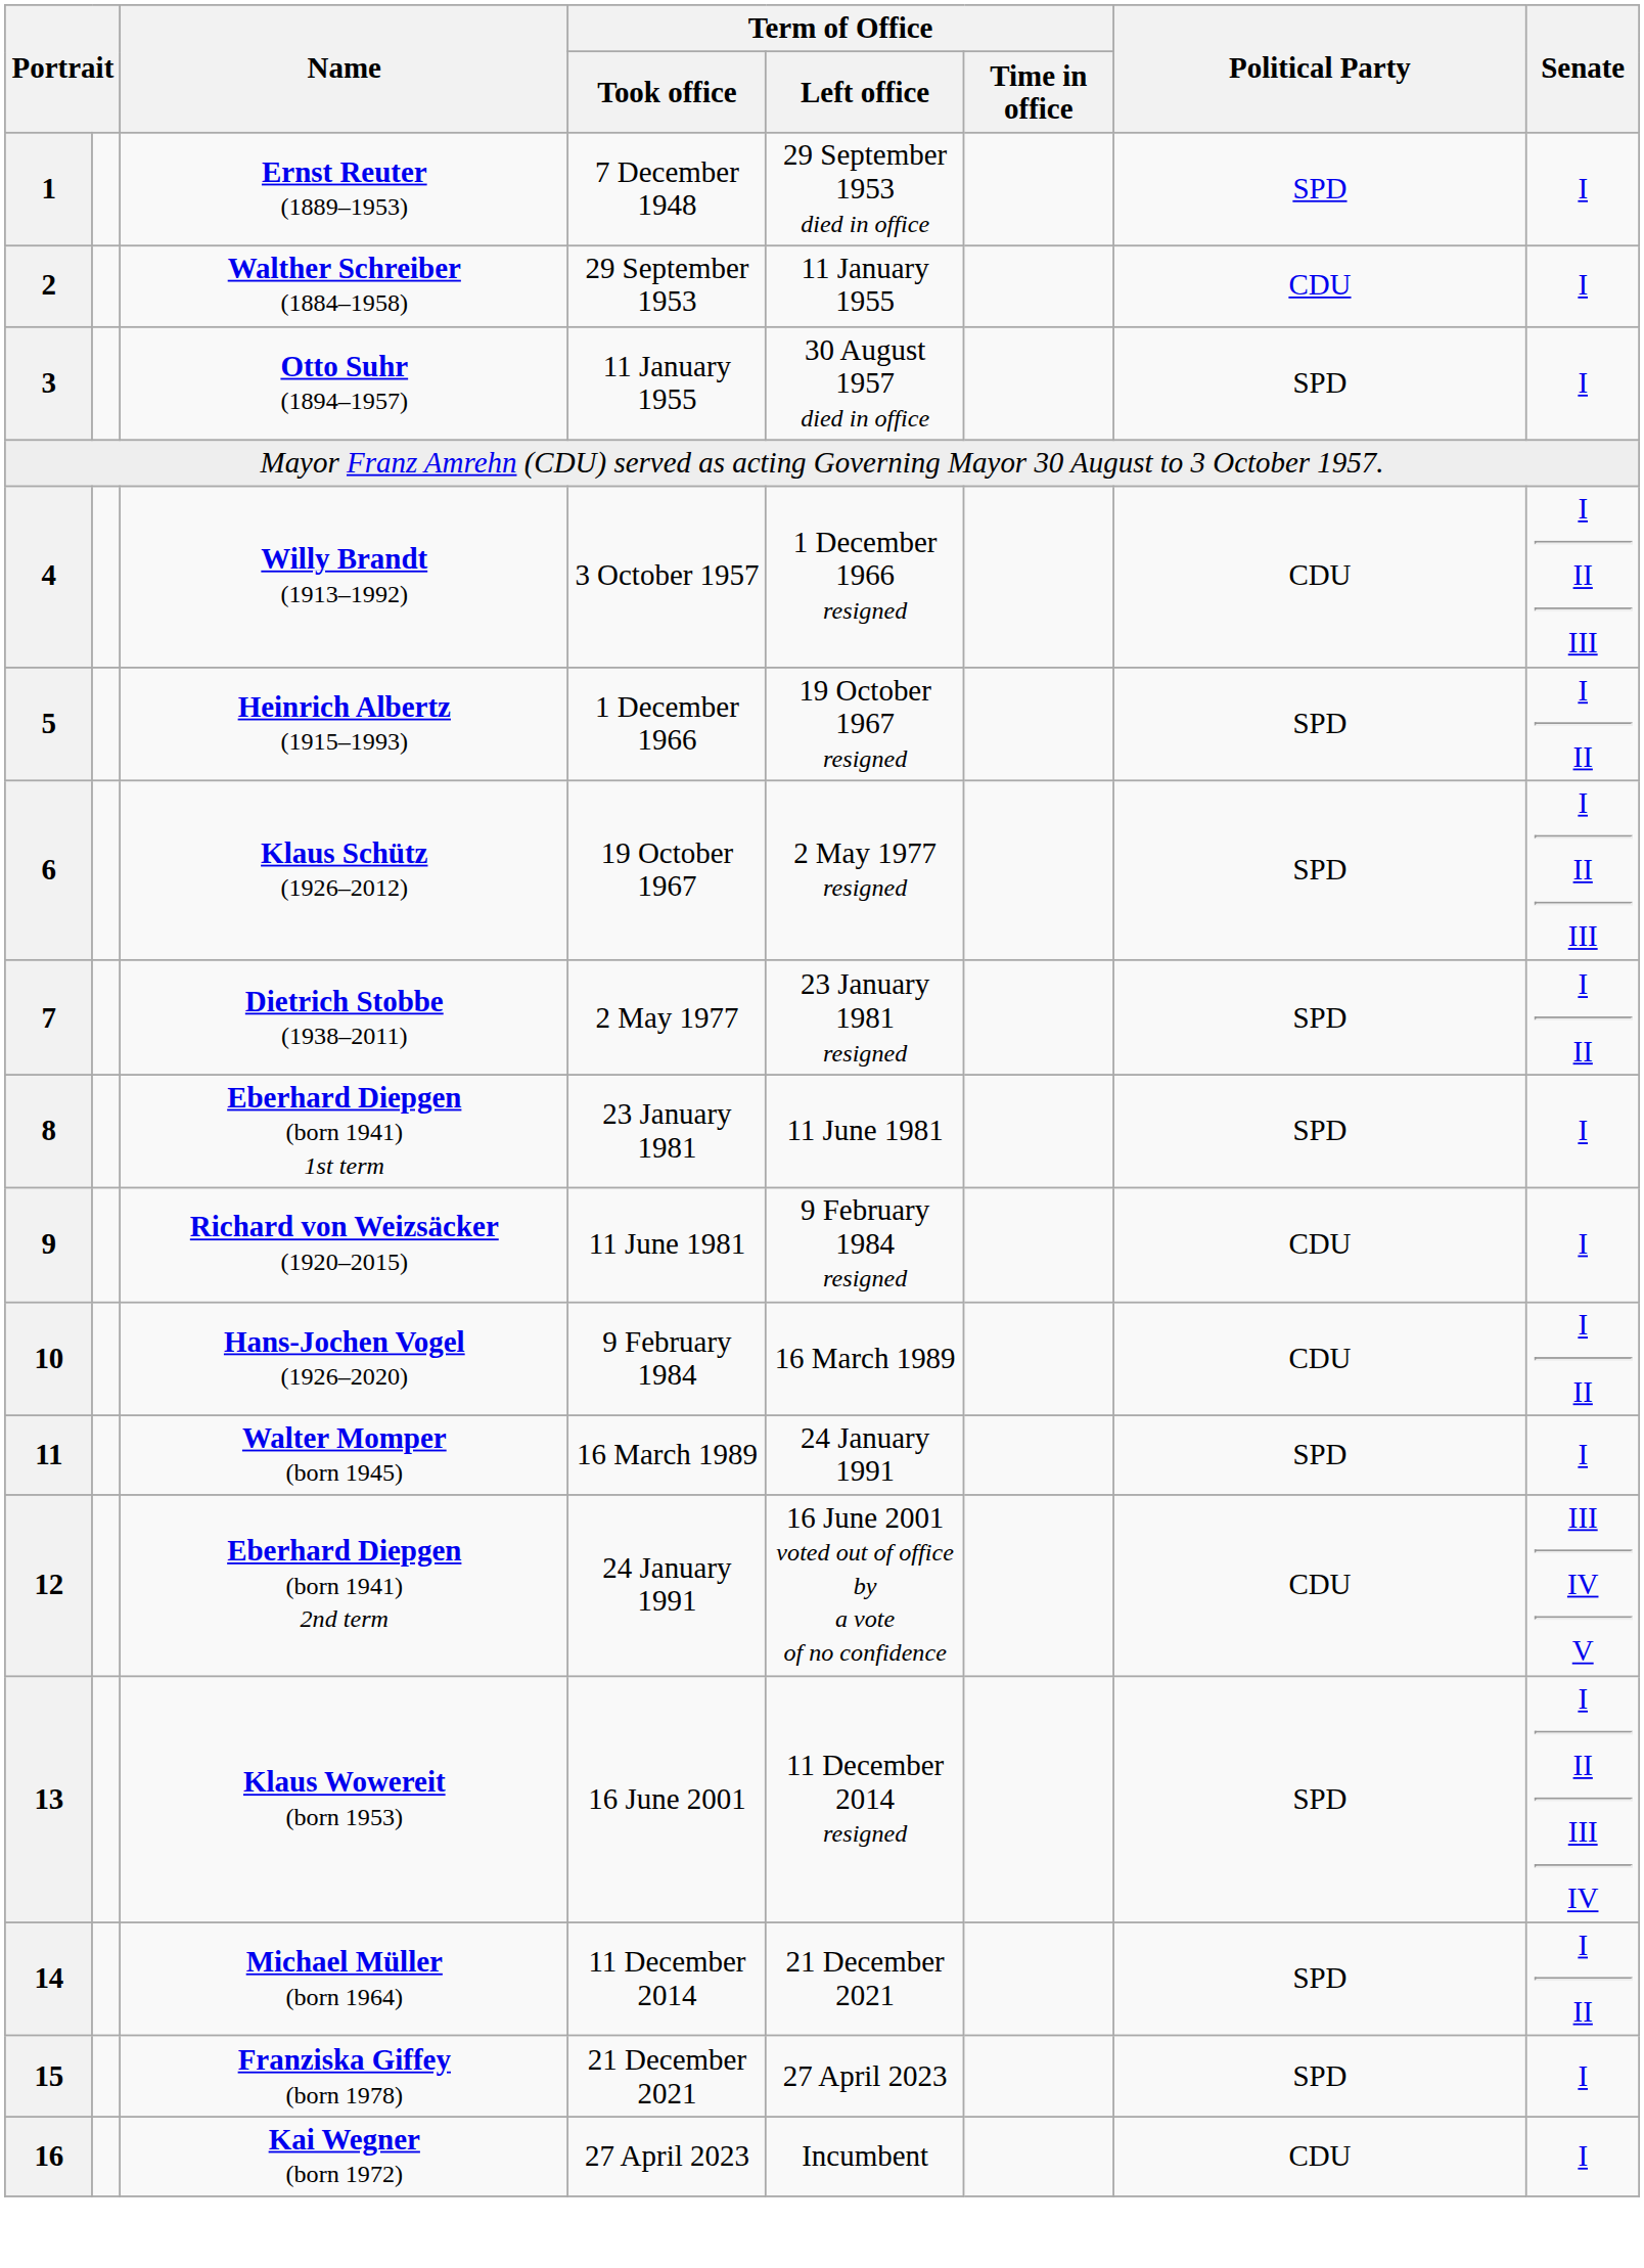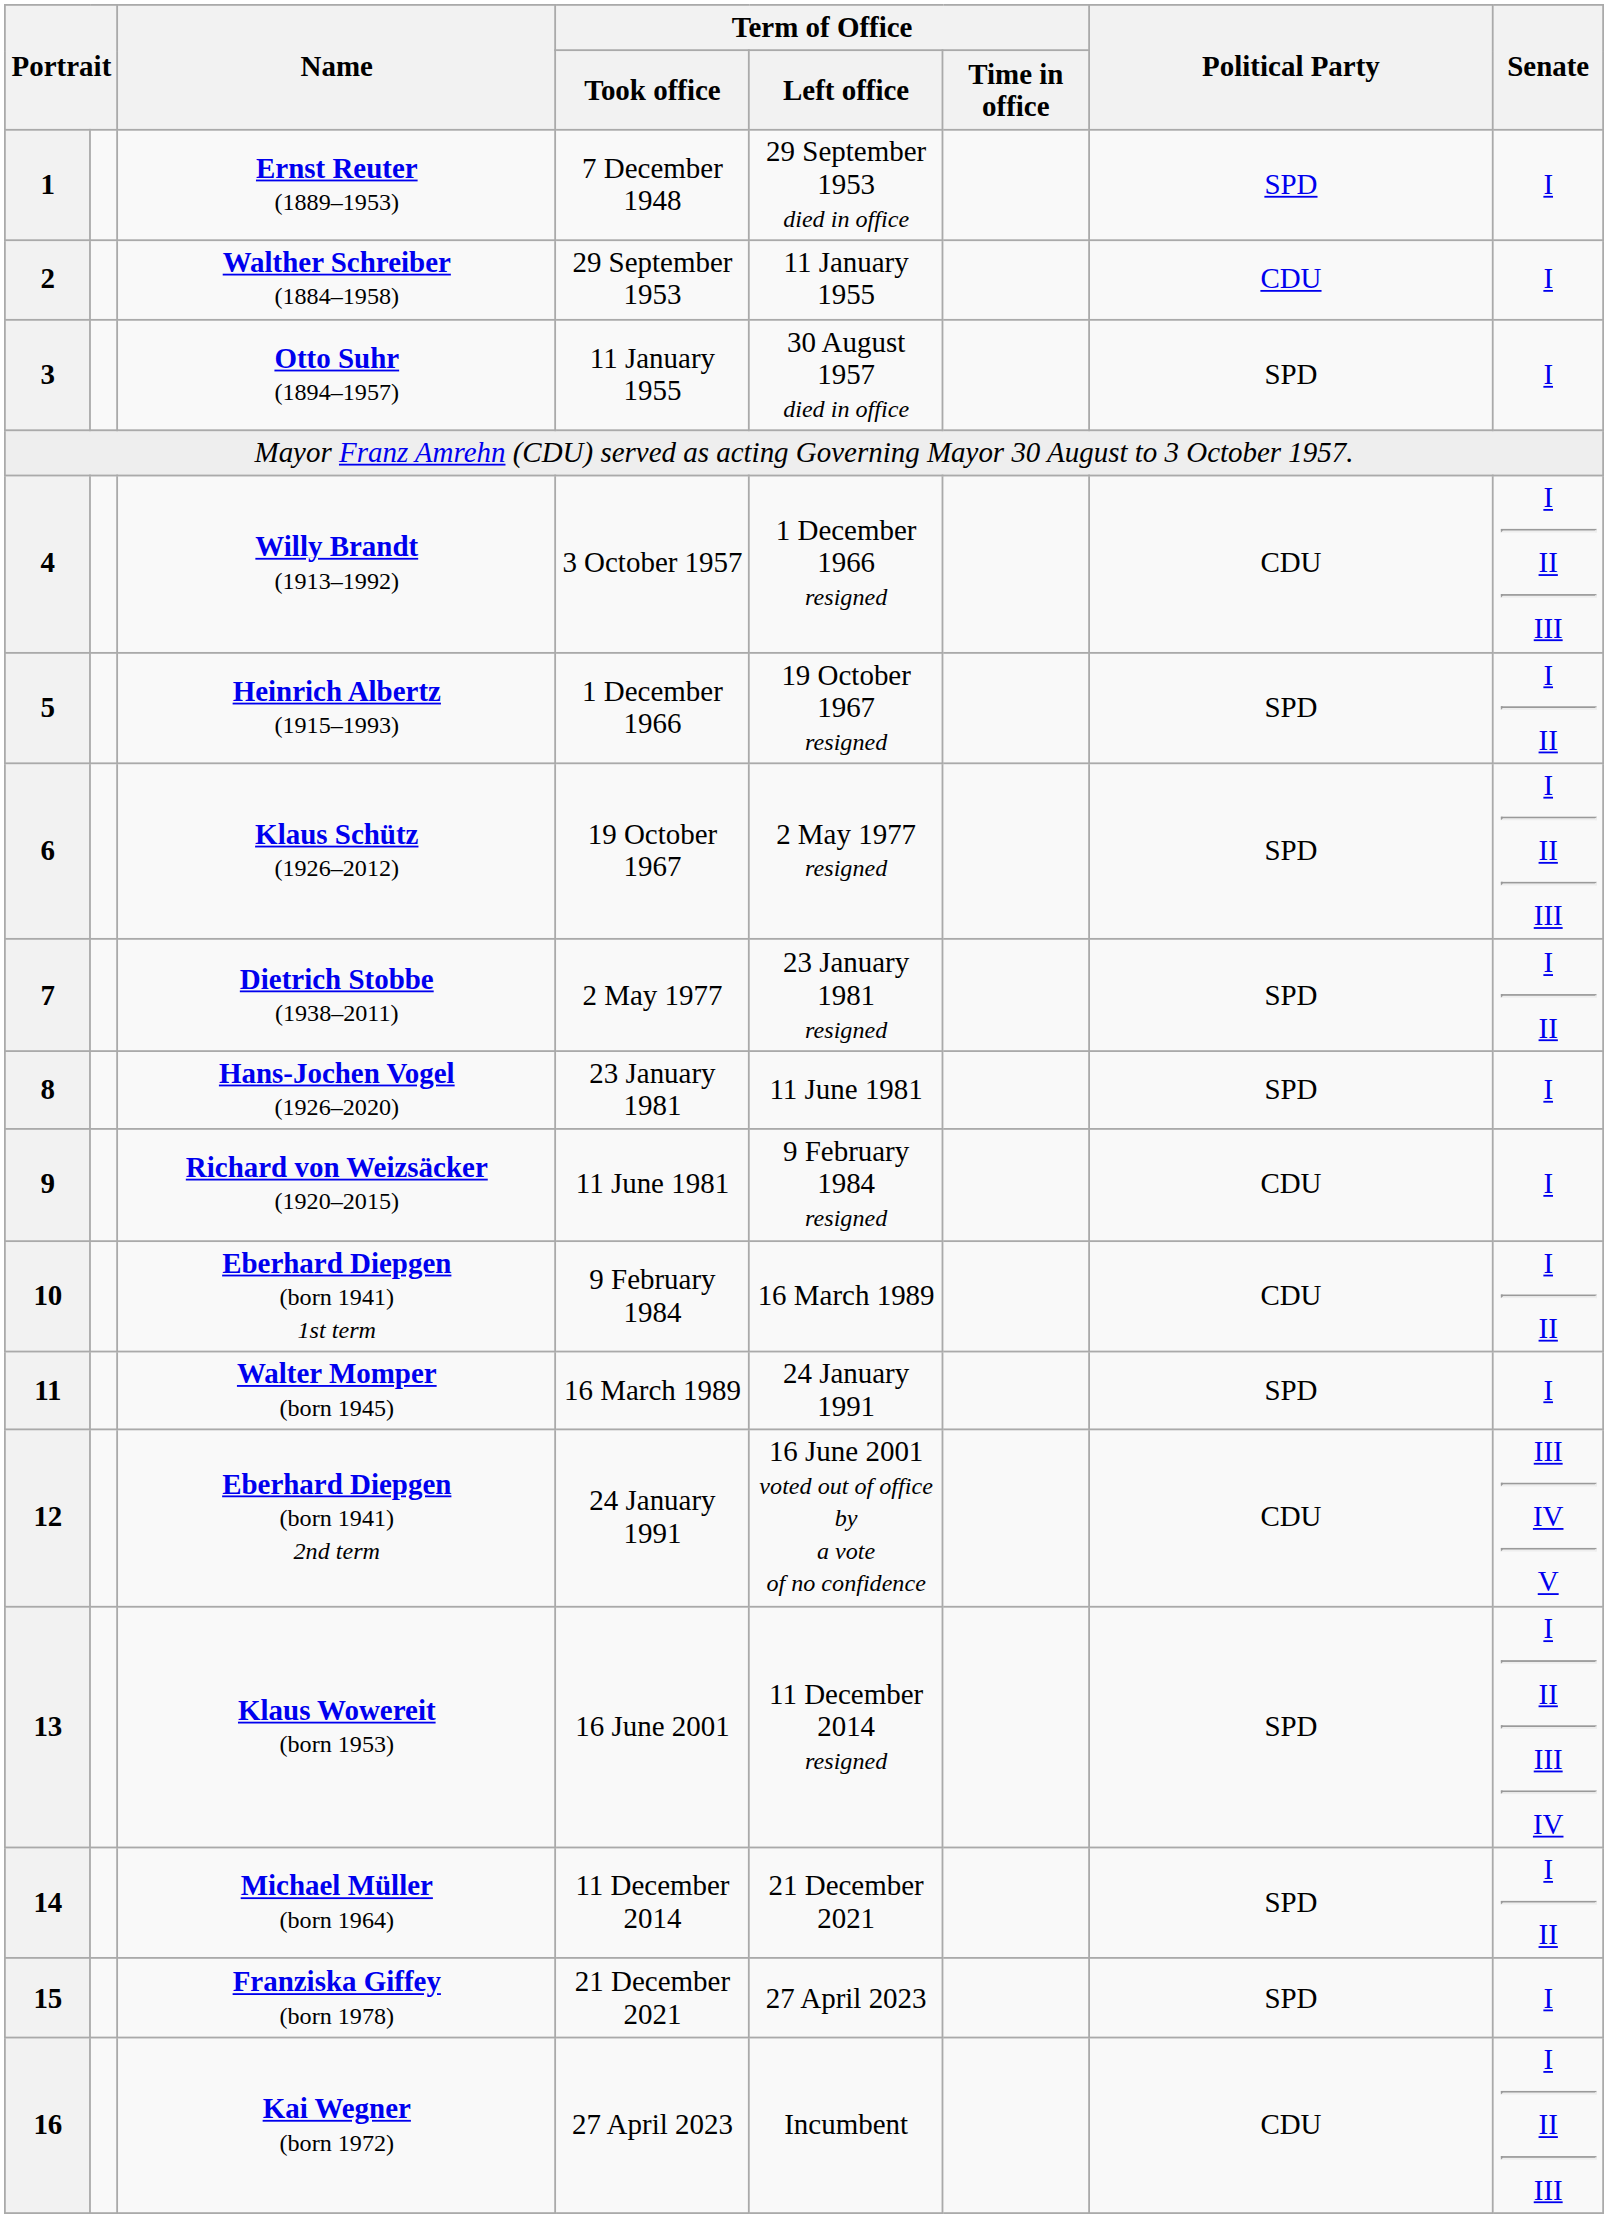 <table class="wikitable" style="text-align:center; width:100%; border:1px #AAAAFF solid">
 <tr>
 <th width=80px rowspan=2 colspan=2>Portrait</th>
 <th width=30% rowspan=2>Name<br></th>
 <th width=35% colspan=3>Term of Office</th>
 <th width=28% rowspan=2>Political Party</th>
 <th width=28% rowspan=2>Senate</th>
 </tr>
 <tr>
 <th>Took office</th>
 <th>Left office</th>
 <th>Time in office</th>
 </tr>
 <tr>
 <th style="background:"><strong>1</strong></th>
 <td></td>
 <td><strong><a href='#'>Ernst Reuter</a></strong><br><small>(1889–1953)</small></td>
 <td>7 December 1948</td>
 <td>29 September 1953<br><small><em>died in office</em></small></td>
 <td></td>
 <td><a href='#'>SPD</a></td>
 <td><a href='#'>I</a></td>
 </tr>
 <tr>
 <th style="background:">2</th>
 <td></td>
 <td><strong><a href='#'>Walther Schreiber</a></strong><br><small>(1884–1958)</small></td>
 <td>29 September 1953</td>
 <td>11 January 1955</td>
 <td></td>
 <td><a href='#'>CDU</a></td>
 <td><a href='#'>I</a></td>
 </tr>
 <tr>
 <th style="background:">3</th>
 <td></td>
 <td><strong><a href='#'>Otto Suhr</a></strong><br><small>(1894–1957)</small></td>
 <td>11 January 1955</td>
 <td>30 August 1957<br><small><em>died in office</em></small></td>
 <td></td>
 <td>SPD</td>
 <td><a href='#'>I</a></td>
 </tr>
 <tr>
 <td bgcolor=#EEEEEE colspan=10><em>Mayor <a href='#'>Franz Amrehn</a> (CDU) served as acting Governing Mayor 30 August to 3 October 1957.</em></td>
 </tr>
 <tr>
 <th style="background:">4</th>
 <td></td>
 <td><strong><a href='#'>Willy Brandt</a></strong><br><small>(1913–1992)</small></td>
 <td>3 October 1957</td>
 <td>1 December 1966<br><small><em>resigned</em></small></td>
 <td></td>
 <td>CDU</td>
 <td><a href='#'>I</a><hr><a href='#'>II</a><hr><a href='#'>III</a></td>
 </tr>
 <tr>
 <th style="background:">5</th>
 <td></td>
 <td><strong><a href='#'>Heinrich Albertz</a></strong><br><small>(1915–1993)</small></td>
 <td>1 December 1966</td>
 <td>19 October 1967<br><small><em>resigned</em></small></td>
 <td></td>
 <td>SPD</td>
 <td><a href='#'>I</a><hr><a href='#'>II</a></td>
 </tr>
 <tr>
 <th style="background:">6</th>
 <td></td>
 <td><strong><a href='#'>Klaus Schütz</a></strong><br><small>(1926–2012)</small></td>
 <td>19 October 1967</td>
 <td>2 May 1977<br><small><em>resigned</em></small></td>
 <td></td>
 <td>SPD</td>
 <td><a href='#'>I</a><hr><a href='#'>II</a><hr><a href='#'>III</a></td>
 </tr>
 <tr>
 <th style="background:">7</th>
 <td></td>
 <td><strong><a href='#'>Dietrich Stobbe</a></strong><br><small>(1938–2011)</small></td>
 <td>2 May 1977</td>
 <td>23 January 1981<br><small><em>resigned</em></small></td>
 <td></td>
 <td>SPD</td>
 <td><a href='#'>I</a><hr><a href='#'>II</a></td>
 </tr>
 <tr>
 <th style="background:">8</th>
 <td></td>
-<td><strong><a href='#'>Eberhard Diepgen</a></strong><br><small>(born 1941)<br><em>1st term</em></small></td>
+<td><strong><a href='#'>Hans-Jochen Vogel</a></strong><br><small>(1926–2020)</small></td>
 <td>23 January 1981</td>
 <td>11 June 1981</td>
 <td></td>
 <td>SPD</td>
 <td><a href='#'>I</a></td>
 </tr>
 <tr>
 <th style="background:">9</th>
 <td></td>
 <td><strong><a href='#'>Richard von Weizsäcker</a></strong><br><small>(1920–2015)</small></td>
 <td>11 June 1981</td>
 <td>9 February 1984<br><small><em>resigned</em></small></td>
 <td></td>
 <td>CDU</td>
 <td><a href='#'>I</a></td>
 </tr>
 <tr>
 <th style="background:">10</th>
 <td></td>
-<td><strong><a href='#'>Hans-Jochen Vogel</a></strong><br><small>(1926–2020)</small></td>
+<td><strong><a href='#'>Eberhard Diepgen</a></strong><br><small>(born 1941)<br><em>1st term</em></small></td>
 <td>9 February 1984</td>
 <td>16 March 1989</td>
 <td></td>
 <td>CDU</td>
 <td><a href='#'>I</a><hr><a href='#'>II</a></td>
 </tr>
 <tr>
 <th style="background:">11</th>
 <td></td>
 <td><strong><a href='#'>Walter Momper</a></strong><br><small>(born 1945)</small></td>
 <td>16 March 1989</td>
 <td>24 January 1991</td>
 <td></td>
 <td>SPD</td>
 <td><a href='#'>I</a></td>
 </tr>
 <tr>
 <th style="background:">12</th>
 <td></td>
 <td><strong><a href='#'>Eberhard Diepgen</a></strong><br><small>(born 1941)<br><em>2nd term</em></small></td>
 <td>24 January 1991</td>
 <td>16 June 2001<br><small><em>voted out of office by<br>a vote<br>of no confidence</em></small></td>
 <td></td>
 <td>CDU</td>
 <td><a href='#'>III</a><hr><a href='#'>IV</a><hr><a href='#'>V</a></td>
 </tr>
 <tr>
 <th style="background:">13</th>
 <td></td>
 <td><strong><a href='#'>Klaus Wowereit</a></strong><br><small>(born 1953)</small></td>
 <td>16 June 2001</td>
 <td>11 December 2014<br><small><em>resigned</em></small></td>
 <td></td>
 <td>SPD</td>
 <td><a href='#'>I</a><hr><a href='#'>II</a><hr><a href='#'>III</a><hr><a href='#'>IV</a></td>
 </tr>
 <tr>
 <th style="background:">14</th>
 <td></td>
 <td><strong><a href='#'>Michael Müller</a></strong><br><small>(born 1964)</small></td>
 <td>11 December 2014</td>
 <td>21 December 2021</td>
 <td></td>
 <td>SPD</td>
 <td><a href='#'>I</a><hr><a href='#'>II</a></td>
 </tr>
 <tr>
 <th style="background:">15</th>
 <td></td>
 <td><strong><a href='#'>Franziska Giffey</a></strong><br><small>(born 1978)</small></td>
 <td>21 December 2021</td>
 <td>27 April 2023</td>
 <td></td>
 <td>SPD</td>
 <td><a href='#'>I</a></td>
 </tr>
 <tr>
 <th style="background:">16</th>
 <td></td>
 <td><strong><a href='#'>Kai Wegner</a></strong><br><small>(born 1972)</small></td>
 <td>27 April 2023</td>
 <td>Incumbent</td>
 <td></td>
 <td>CDU</td>
-<td><a href='#'>I</a></td>
+<td><a href='#'>I</a><hr><a href='#'>II</a><hr><a href='#'>III</a></td>
 </tr>
 </table>
